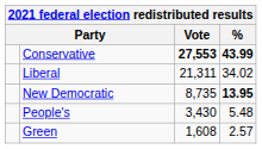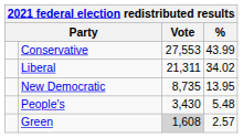 <table class="wikitable">
 <tr>
 <th colspan="4"><a href='#'>2021 federal election</a> redistributed results</th>
 </tr>
 <tr>
 <th bgcolor="#DDDDFF" width="130px" colspan="2">Party</th>
 <th bgcolor="#DDDDFF" width="50px">Vote</th>
 <th bgcolor="#DDDDFF" width="30px">%</th>
 </tr>
 <tr>
 <td> </td>
 <td><a href='#'>Conservative</a></td>
-<td align=right><strong>27,553</strong></td>
-<td align=right><strong>43.99</strong></td>
+<td align=right>27,553</td>
+<td align=right>43.99</td>
 </tr>
 <tr>
 <td> </td>
 <td><a href='#'>Liberal</a></td>
 <td align=right>21,311</td>
 <td align=right>34.02</td>
 </tr>
 <tr>
 <td> </td>
 <td><a href='#'>New Democratic</a></td>
 <td align=right>8,735</td>
-<td align=right><strong>13.95</strong></td>
+<td align=right>13.95</td>
 </tr>
 <tr>
 <td> </td>
 <td><a href='#'>People's</a></td>
 <td align=right>3,430</td>
 <td align=right>5.48</td>
 </tr>
 <tr>
 <td> </td>
 <td><a href='#'>Green</a></td>
-<td align=right>1,608</td>
+<td align=right style="background: lightgrey;">1,608</td>
 <td align=right>2.57</td>
 </tr>
 </table>
